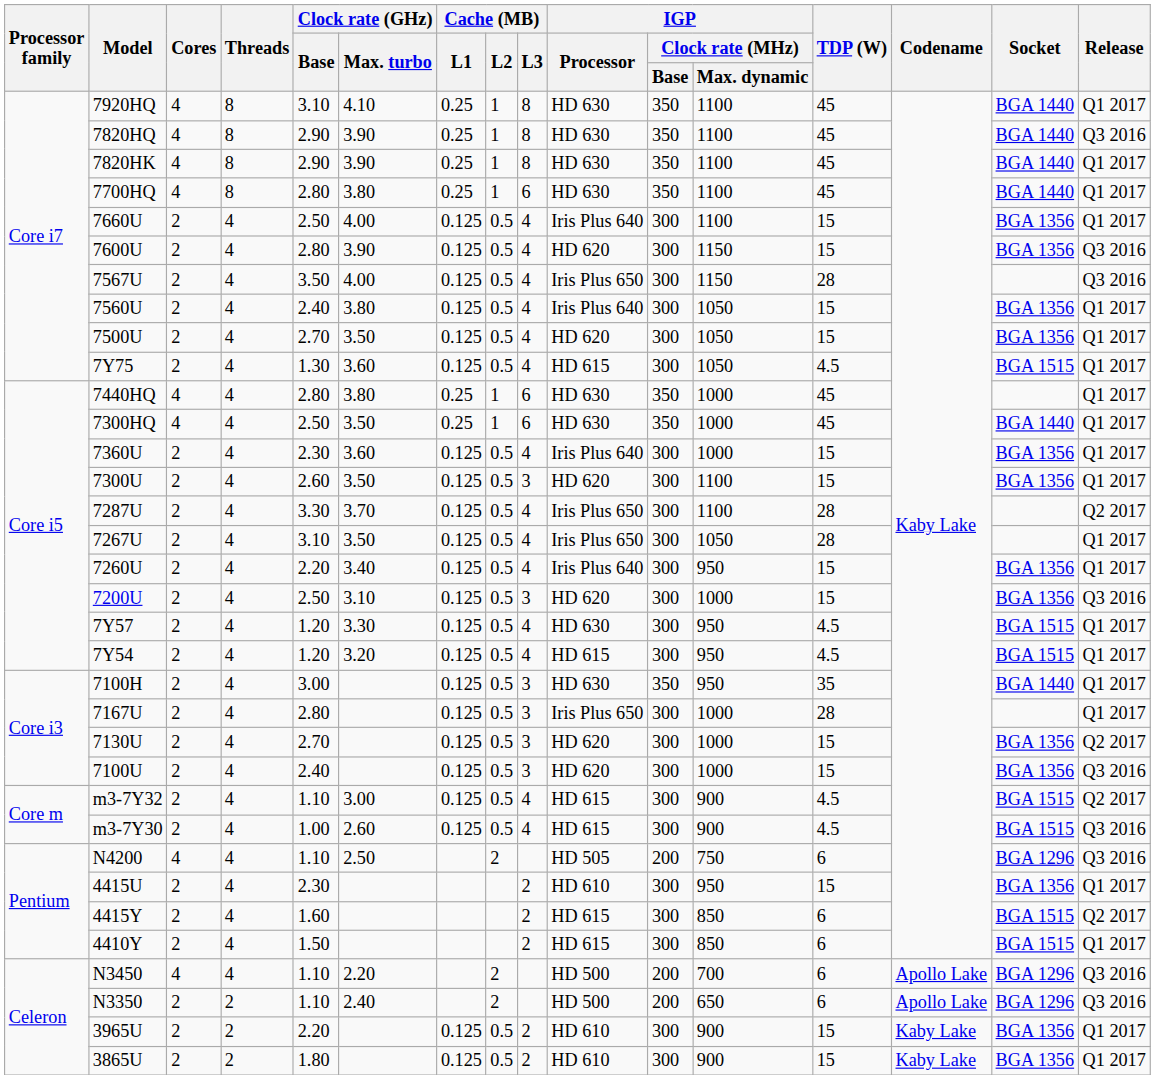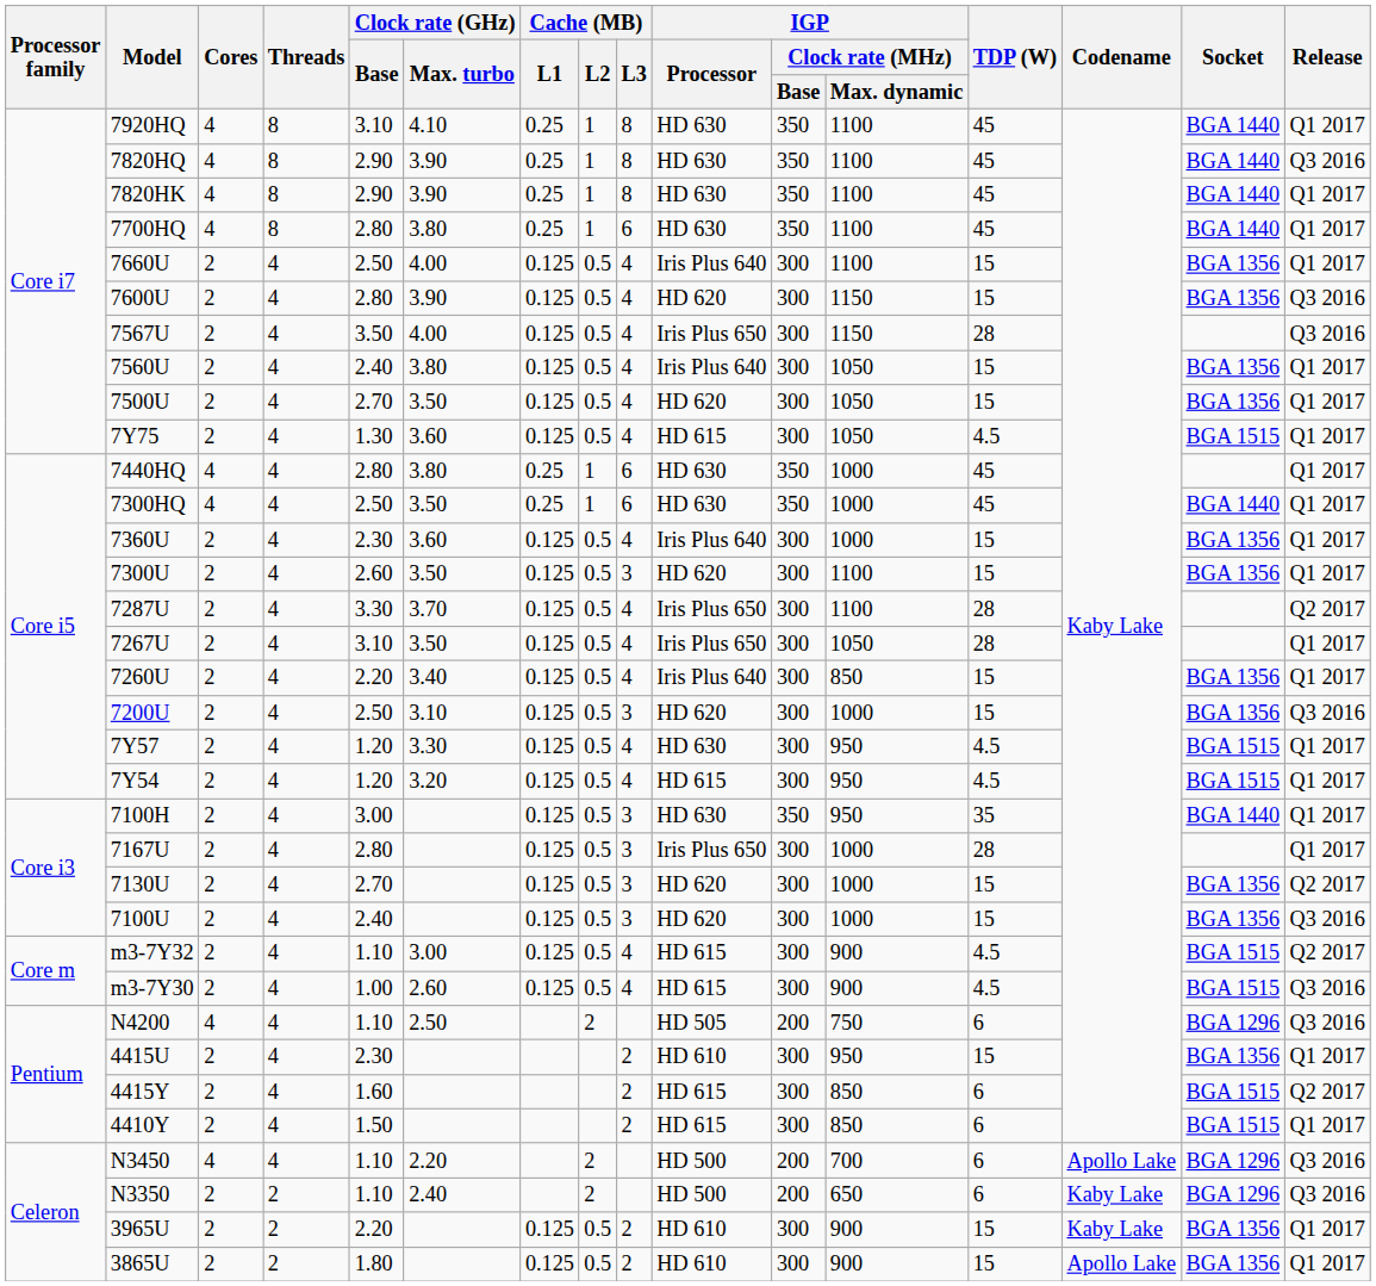 <table class="wikitable center sortable sort-under mw-collapsible">
 <tr>
 <th rowspan=3 data-sort-type=text>Processor <br>family</th>
 <th rowspan=3 data-sort-type=text>Model</th>
 <th rowspan=3 data-sort-type=number>Cores</th>
 <th rowspan=3 data-sort-type=number>Threads</th>
 <th colspan=2><a href='#'>Clock rate</a> (GHz)</th>
 <th colspan=3><a href='#'> Cache</a> (MB)</th>
 <th colspan=3><a href='#'> IGP</a></th>
 <th rowspan=3 data-sort-type=number><a href='#'> TDP</a> (W)</th>
 <th rowspan=3 data-sort-type=text>Code­name</th>
 <th rowspan=3 data-sort-type=text>Socket</th>
 <th rowspan=3 data-sort-type=date>Release</th>
 </tr>
 <tr>
 <th rowspan=2 data-sort-type=number>Base</th>
 <th rowspan=2 data-sort-type=number>Max. <a href='#'> turbo</a></th>
 <th rowspan=2 data-sort-type=number>L1</th>
 <th rowspan=2 data-sort-type=number>L2</th>
 <th rowspan=2 data-sort-type=number>L3</th>
 <th rowspan=2 data-sort-type=text>Processor</th>
 <th colspan=2><a href='#'>Clock rate</a> (MHz)</th>
 </tr>
 <tr>
 <th data-sort-type=number>Base</th>
 <th data-sort-type=number>Max. dynamic</th>
 </tr>
 <tr>
 <td rowspan="10"><a href='#'>Core i7</a></td>
 <td>7920HQ</td>
 <td>4</td>
 <td>8</td>
 <td>3.10</td>
 <td>4.10</td>
 <td>0.25</td>
 <td>1</td>
 <td>8</td>
 <td>HD 630</td>
 <td>350</td>
 <td>1100</td>
 <td>45</td>
 <td rowspan="30"><a href='#'>Kaby Lake</a></td>
 <td><a href='#'>BGA 1440</a></td>
 <td>Q1 2017</td>
 </tr>
 <tr>
 <td>7820HQ</td>
 <td>4</td>
 <td>8</td>
 <td>2.90</td>
 <td>3.90</td>
 <td>0.25</td>
 <td>1</td>
 <td>8</td>
 <td>HD 630</td>
 <td>350</td>
 <td>1100</td>
 <td>45</td>
 <td><a href='#'>BGA 1440</a></td>
 <td>Q3 2016</td>
 </tr>
 <tr>
 <td>7820HK</td>
 <td>4</td>
 <td>8</td>
 <td>2.90</td>
 <td>3.90</td>
 <td>0.25</td>
 <td>1</td>
 <td>8</td>
 <td>HD 630</td>
 <td>350</td>
 <td>1100</td>
 <td>45</td>
 <td><a href='#'>BGA 1440</a></td>
 <td>Q1 2017</td>
 </tr>
 <tr>
 <td>7700HQ</td>
 <td>4</td>
 <td>8</td>
 <td>2.80</td>
 <td>3.80</td>
 <td>0.25</td>
 <td>1</td>
 <td>6</td>
 <td>HD 630</td>
 <td>350</td>
 <td>1100</td>
 <td>45</td>
 <td><a href='#'>BGA 1440</a></td>
 <td>Q1 2017</td>
 </tr>
 <tr>
 <td>7660U</td>
 <td>2</td>
 <td>4</td>
 <td>2.50</td>
 <td>4.00</td>
 <td>0.125</td>
 <td>0.5</td>
 <td>4</td>
 <td>Iris Plus 640</td>
 <td>300</td>
 <td>1100</td>
 <td>15</td>
 <td><a href='#'>BGA 1356</a></td>
 <td>Q1 2017</td>
 </tr>
 <tr>
 <td>7600U</td>
 <td>2</td>
 <td>4</td>
 <td>2.80</td>
 <td>3.90</td>
 <td>0.125</td>
 <td>0.5</td>
 <td>4</td>
 <td>HD 620</td>
 <td>300</td>
 <td>1150</td>
 <td>15</td>
 <td><a href='#'>BGA 1356</a></td>
 <td>Q3 2016</td>
 </tr>
 <tr>
 <td>7567U</td>
 <td>2</td>
 <td>4</td>
 <td>3.50</td>
 <td>4.00</td>
 <td>0.125</td>
 <td>0.5</td>
 <td>4</td>
 <td>Iris Plus 650</td>
 <td>300</td>
 <td>1150</td>
 <td>28</td>
 <td></td>
 <td>Q3 2016</td>
 </tr>
 <tr>
 <td>7560U</td>
 <td>2</td>
 <td>4</td>
 <td>2.40</td>
 <td>3.80</td>
 <td>0.125</td>
 <td>0.5</td>
 <td>4</td>
 <td>Iris Plus 640</td>
 <td>300</td>
 <td>1050</td>
 <td>15</td>
 <td><a href='#'>BGA 1356</a></td>
 <td>Q1 2017</td>
 </tr>
 <tr>
 <td>7500U</td>
 <td>2</td>
 <td>4</td>
 <td>2.70</td>
 <td>3.50</td>
 <td>0.125</td>
 <td>0.5</td>
 <td>4</td>
 <td>HD 620</td>
 <td>300</td>
 <td>1050</td>
 <td>15</td>
 <td><a href='#'>BGA 1356</a></td>
 <td>Q1 2017</td>
 </tr>
 <tr>
 <td>7Y75</td>
 <td>2</td>
 <td>4</td>
 <td>1.30</td>
 <td>3.60</td>
 <td>0.125</td>
 <td>0.5</td>
 <td>4</td>
 <td>HD 615</td>
 <td>300</td>
 <td>1050</td>
 <td>4.5</td>
 <td><a href='#'>BGA 1515</a></td>
 <td>Q1 2017</td>
 </tr>
 <tr>
 <td rowspan="10"><a href='#'>Core i5</a></td>
 <td>7440HQ</td>
 <td>4</td>
 <td>4</td>
 <td>2.80</td>
 <td>3.80</td>
 <td>0.25</td>
 <td>1</td>
 <td>6</td>
 <td>HD 630</td>
 <td>350</td>
 <td>1000</td>
 <td>45</td>
 <td></td>
 <td>Q1 2017</td>
 </tr>
 <tr>
 <td>7300HQ</td>
 <td>4</td>
 <td>4</td>
 <td>2.50</td>
 <td>3.50</td>
 <td>0.25</td>
 <td>1</td>
 <td>6</td>
 <td>HD 630</td>
 <td>350</td>
 <td>1000</td>
 <td>45</td>
 <td><a href='#'>BGA 1440</a></td>
 <td>Q1 2017</td>
 </tr>
 <tr>
 <td>7360U</td>
 <td>2</td>
 <td>4</td>
 <td>2.30</td>
 <td>3.60</td>
 <td>0.125</td>
 <td>0.5</td>
 <td>4</td>
 <td>Iris Plus 640</td>
 <td>300</td>
 <td>1000</td>
 <td>15</td>
 <td><a href='#'>BGA 1356</a></td>
 <td>Q1 2017</td>
 </tr>
 <tr>
 <td>7300U</td>
 <td>2</td>
 <td>4</td>
 <td>2.60</td>
 <td>3.50</td>
 <td>0.125</td>
 <td>0.5</td>
 <td>3</td>
 <td>HD 620</td>
 <td>300</td>
 <td>1100</td>
 <td>15</td>
 <td><a href='#'>BGA 1356</a></td>
 <td>Q1 2017</td>
 </tr>
 <tr>
 <td>7287U</td>
 <td>2</td>
 <td>4</td>
 <td>3.30</td>
 <td>3.70</td>
 <td>0.125</td>
 <td>0.5</td>
 <td>4</td>
 <td>Iris Plus 650</td>
 <td>300</td>
 <td>1100</td>
 <td>28</td>
 <td></td>
 <td>Q2 2017</td>
 </tr>
 <tr>
 <td>7267U</td>
 <td>2</td>
 <td>4</td>
 <td>3.10</td>
 <td>3.50</td>
 <td>0.125</td>
 <td>0.5</td>
 <td>4</td>
 <td>Iris Plus 650</td>
 <td>300</td>
 <td>1050</td>
 <td>28</td>
 <td></td>
 <td>Q1 2017</td>
 </tr>
 <tr>
 <td>7260U</td>
 <td>2</td>
 <td>4</td>
 <td>2.20</td>
 <td>3.40</td>
 <td>0.125</td>
 <td>0.5</td>
 <td>4</td>
 <td>Iris Plus 640</td>
 <td>300</td>
-<td>950</td>
+<td>850</td>
 <td>15</td>
 <td><a href='#'>BGA 1356</a></td>
 <td>Q1 2017</td>
 </tr>
 <tr>
 <td><a href='#'>7200U</a></td>
 <td>2</td>
 <td>4</td>
 <td>2.50</td>
 <td>3.10</td>
 <td>0.125</td>
 <td>0.5</td>
 <td>3</td>
 <td>HD 620</td>
 <td>300</td>
 <td>1000</td>
 <td>15</td>
 <td><a href='#'>BGA 1356</a></td>
 <td>Q3 2016</td>
 </tr>
 <tr>
 <td>7Y57</td>
 <td>2</td>
 <td>4</td>
 <td>1.20</td>
 <td>3.30</td>
 <td>0.125</td>
 <td>0.5</td>
 <td>4</td>
 <td>HD 630</td>
 <td>300</td>
 <td>950</td>
 <td>4.5</td>
 <td><a href='#'>BGA 1515</a></td>
 <td>Q1 2017</td>
 </tr>
 <tr>
 <td>7Y54</td>
 <td>2</td>
 <td>4</td>
 <td>1.20</td>
 <td>3.20</td>
 <td>0.125</td>
 <td>0.5</td>
 <td>4</td>
 <td>HD 615</td>
 <td>300</td>
 <td>950</td>
 <td>4.5</td>
 <td><a href='#'>BGA 1515</a></td>
 <td>Q1 2017</td>
 </tr>
 <tr>
 <td rowspan="4"><a href='#'>Core i3</a></td>
 <td>7100H</td>
 <td>2</td>
 <td>4</td>
 <td>3.00</td>
 <td></td>
 <td>0.125</td>
 <td>0.5</td>
 <td>3</td>
 <td>HD 630</td>
 <td>350</td>
 <td>950</td>
 <td>35</td>
 <td><a href='#'>BGA 1440</a></td>
 <td>Q1 2017</td>
 </tr>
 <tr>
 <td>7167U</td>
 <td>2</td>
 <td>4</td>
 <td>2.80</td>
 <td></td>
 <td>0.125</td>
 <td>0.5</td>
 <td>3</td>
 <td>Iris Plus 650</td>
 <td>300</td>
 <td>1000</td>
 <td>28</td>
 <td></td>
 <td>Q1 2017</td>
 </tr>
 <tr>
 <td>7130U</td>
 <td>2</td>
 <td>4</td>
 <td>2.70</td>
 <td></td>
 <td>0.125</td>
 <td>0.5</td>
 <td>3</td>
 <td>HD 620</td>
 <td>300</td>
 <td>1000</td>
 <td>15</td>
 <td><a href='#'>BGA 1356</a></td>
 <td>Q2 2017</td>
 </tr>
 <tr>
 <td>7100U</td>
 <td>2</td>
 <td>4</td>
 <td>2.40</td>
 <td></td>
 <td>0.125</td>
 <td>0.5</td>
 <td>3</td>
 <td>HD 620</td>
 <td>300</td>
 <td>1000</td>
 <td>15</td>
 <td><a href='#'>BGA 1356</a></td>
 <td>Q3 2016</td>
 </tr>
 <tr>
 <td rowspan="2"><a href='#'>Core m</a></td>
 <td>m3-7Y32</td>
 <td>2</td>
 <td>4</td>
 <td>1.10</td>
 <td>3.00</td>
 <td>0.125</td>
 <td>0.5</td>
 <td>4</td>
 <td>HD 615</td>
 <td>300</td>
 <td>900</td>
 <td>4.5</td>
 <td><a href='#'>BGA 1515</a></td>
 <td>Q2 2017</td>
 </tr>
 <tr>
 <td>m3-7Y30</td>
 <td>2</td>
 <td>4</td>
 <td>1.00</td>
 <td>2.60</td>
 <td>0.125</td>
 <td>0.5</td>
 <td>4</td>
 <td>HD 615</td>
 <td>300</td>
 <td>900</td>
 <td>4.5</td>
 <td><a href='#'>BGA 1515</a></td>
 <td>Q3 2016</td>
 </tr>
 <tr>
 <td rowspan="4"><a href='#'>Pentium</a></td>
 <td>N4200</td>
 <td>4</td>
 <td>4</td>
 <td>1.10</td>
 <td>2.50</td>
 <td></td>
 <td>2</td>
 <td></td>
 <td>HD 505</td>
 <td>200</td>
 <td>750</td>
 <td>6</td>
 <td><a href='#'>BGA 1296</a></td>
 <td>Q3 2016</td>
 </tr>
 <tr>
 <td>4415U</td>
 <td>2</td>
 <td>4</td>
 <td>2.30</td>
 <td></td>
 <td></td>
 <td></td>
 <td>2</td>
 <td>HD 610</td>
 <td>300</td>
 <td>950</td>
 <td>15</td>
 <td><a href='#'>BGA 1356</a></td>
 <td>Q1 2017</td>
 </tr>
 <tr>
 <td>4415Y</td>
 <td>2</td>
 <td>4</td>
 <td>1.60</td>
 <td></td>
 <td></td>
 <td></td>
 <td>2</td>
 <td>HD 615</td>
 <td>300</td>
 <td>850</td>
 <td>6</td>
 <td><a href='#'>BGA 1515</a></td>
 <td>Q2 2017</td>
 </tr>
 <tr>
 <td>4410Y</td>
 <td>2</td>
 <td>4</td>
 <td>1.50</td>
 <td></td>
 <td></td>
 <td></td>
 <td>2</td>
 <td>HD 615</td>
 <td>300</td>
 <td>850</td>
 <td>6</td>
 <td><a href='#'>BGA 1515</a></td>
 <td>Q1 2017</td>
 </tr>
 <tr>
 <td rowspan="4"><a href='#'>Celeron</a></td>
 <td>N3450</td>
 <td>4</td>
 <td>4</td>
 <td>1.10</td>
 <td>2.20</td>
 <td></td>
 <td>2</td>
 <td></td>
 <td>HD 500</td>
 <td>200</td>
 <td>700</td>
 <td>6</td>
 <td><a href='#'>Apollo Lake</a></td>
 <td><a href='#'>BGA 1296</a></td>
 <td>Q3 2016</td>
 </tr>
 <tr>
 <td>N3350</td>
 <td>2</td>
 <td>2</td>
 <td>1.10</td>
 <td>2.40</td>
 <td></td>
 <td>2</td>
 <td></td>
 <td>HD 500</td>
 <td>200</td>
 <td>650</td>
 <td>6</td>
-<td><a href='#'>Apollo Lake</a></td>
+<td><a href='#'>Kaby Lake</a></td>
 <td><a href='#'>BGA 1296</a></td>
 <td>Q3 2016</td>
 </tr>
 <tr>
 <td>3965U</td>
 <td>2</td>
 <td>2</td>
 <td>2.20</td>
 <td></td>
 <td>0.125</td>
 <td>0.5</td>
 <td>2</td>
 <td>HD 610</td>
 <td>300</td>
 <td>900</td>
 <td>15</td>
 <td><a href='#'>Kaby Lake</a></td>
 <td><a href='#'>BGA 1356</a></td>
 <td>Q1 2017</td>
 </tr>
 <tr>
 <td>3865U</td>
 <td>2</td>
 <td>2</td>
 <td>1.80</td>
 <td></td>
 <td>0.125</td>
 <td>0.5</td>
 <td>2</td>
 <td>HD 610</td>
 <td>300</td>
 <td>900</td>
 <td>15</td>
-<td><a href='#'>Kaby Lake</a></td>
+<td><a href='#'>Apollo Lake</a></td>
 <td><a href='#'>BGA 1356</a></td>
 <td>Q1 2017</td>
 </tr>
 </table>
